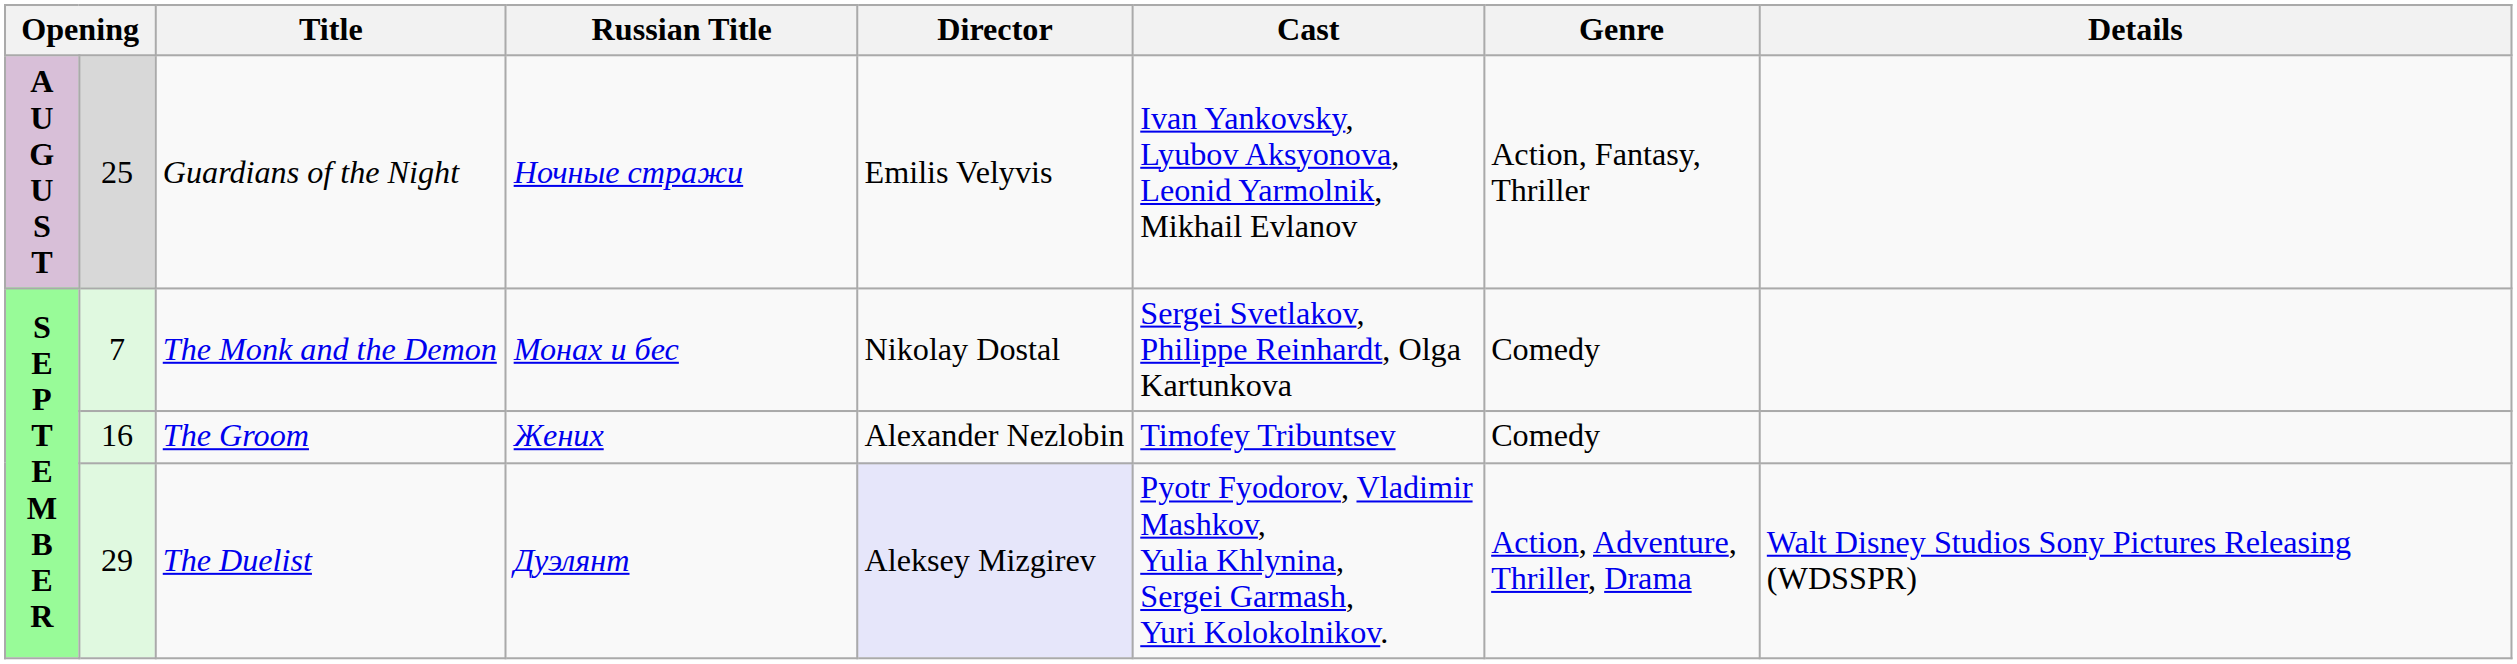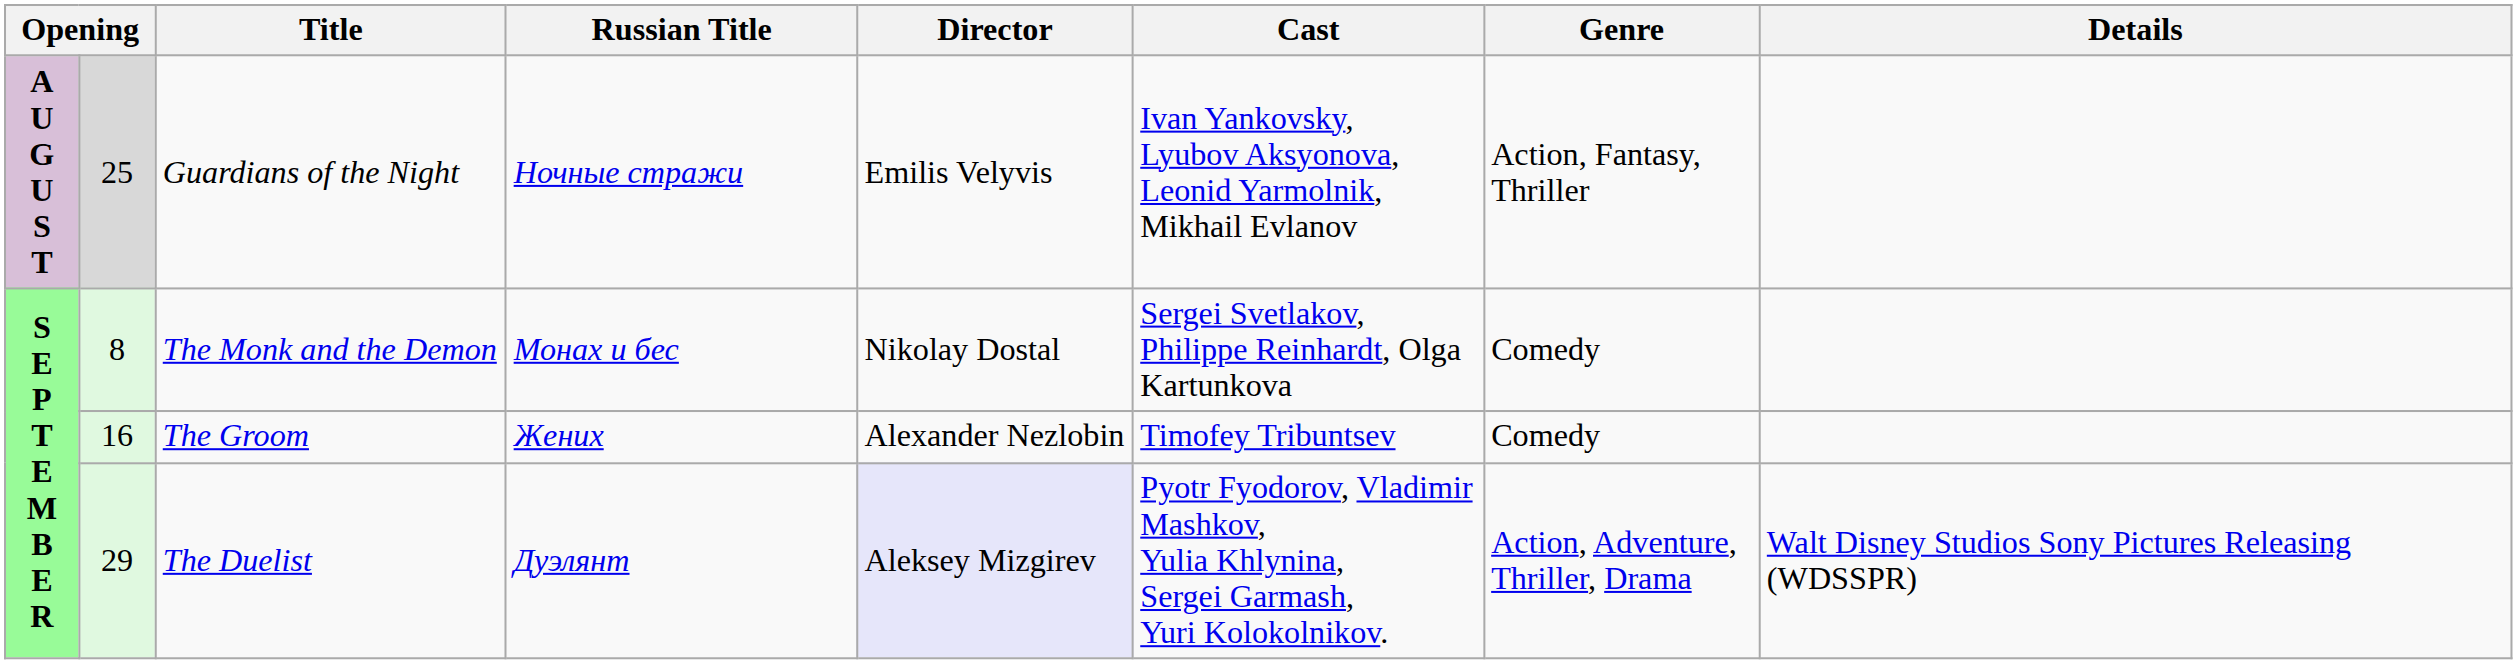 <table class="wikitable">
 <tr>
 <th style="width:6%;" colspan="2">Opening</th>
 <th style="width:14%;">Title</th>
 <th style="width:14%;">Russian Title</th>
 <th style="width:11%;">Director</th>
 <th style="width:14%;">Cast</th>
 <th style="width:11%;">Genre</th>
 <th>Details</th>
 </tr>
 <tr>
 <th rowspan="1" align="center" style="background:thistle; textcolor:#000;">A<br>U<br>G<br>U<br>S<br>T</th>
 <td align="center" style="background:#d8d8d8;">25</td>
 <td><em>Guardians of the Night</em></td>
 <td><em><a href='#'>Ночные стражи</a></em></td>
 <td>Emilis Velyvis</td>
 <td><a href='#'>Ivan Yankovsky</a>,<br> <a href='#'>Lyubov Aksyonova</a>,<br> <a href='#'>Leonid Yarmolnik</a>,<br> Mikhail Evlanov</td>
 <td>Action, Fantasy, Thriller</td>
 <td></td>
 </tr>
 <tr>
 <th rowspan="3" align="center" style="background:#98fb98; textcolor:#000;">S<br>E<br>P<br>T<br>E<br>M<br>B<br>E<br>R</th>
-<td align="center" style="background:#e0f9e0;">7</td>
+<td align="center" style="background:#e0f9e0;">8</td>
 <td><em><a href='#'>The Monk and the Demon</a></em></td>
 <td><em><a href='#'>Монах и бес</a></em></td>
 <td>Nikolay Dostal</td>
 <td><a href='#'>Sergei Svetlakov</a>, <a href='#'>Philippe Reinhardt</a>, Olga Kartunkova</td>
 <td>Comedy</td>
 <td></td>
 </tr>
 <tr>
 <td align="center" style="background:#e0f9e0;">16</td>
 <td><em><a href='#'>The Groom</a></em></td>
 <td><em><a href='#'>Жених</a></em></td>
 <td>Alexander Nezlobin</td>
 <td><a href='#'>Timofey Tribuntsev</a></td>
 <td>Comedy</td>
 <td></td>
 </tr>
 <tr>
 <td align="center" style="background:#e0f9e0;">29</td>
 <td><em><a href='#'>The Duelist</a></em></td>
 <td><em><a href='#'>Дуэлянт</a></em></td>
 <td style="background: lavender;">Aleksey Mizgirev</td>
 <td><a href='#'>Pyotr Fyodorov</a>, <a href='#'>Vladimir Mashkov</a>,<br><a href='#'>Yulia Khlynina</a>,<br> <a href='#'>Sergei Garmash</a>,<br> <a href='#'>Yuri Kolokolnikov</a>.</td>
 <td><a href='#'>Action</a>, <a href='#'>Adventure</a>, <a href='#'>Thriller</a>, <a href='#'>Drama</a></td>
 <td><a href='#'>Walt Disney Studios Sony Pictures Releasing</a> (WDSSPR)</td>
 </tr>
 </table>
